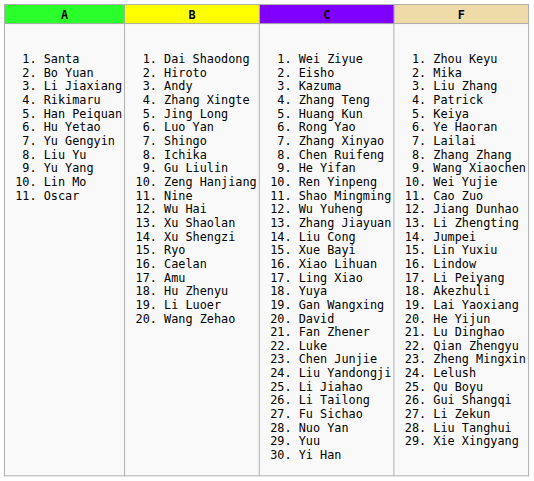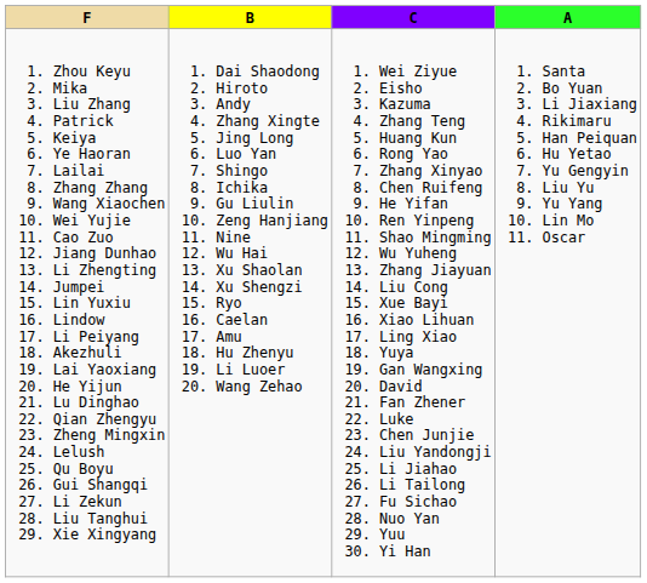 <table class="wikitable">
 <tr>
-<th style="background:#2BFF2B">A</th>
+<th style="background:#EFDBA7">F</th>
 <th style="background:#FFFF00">B</th>
 <th style="background:#7F00FF">C</th>
-<th style="background:#EFDBA7">F</th>
+<th style="background:#2BFF2B">A</th>
 </tr>
 <tr style="vertical-align: top;">
-<td><br><ol><li>Santa</li><li>Bo Yuan</li><li>Li Jiaxiang</li><li>Rikimaru</li><li>Han Peiquan</li><li>Hu Yetao</li><li>Yu Gengyin</li><li>Liu Yu</li><li>Yu Yang</li><li>Lin Mo</li><li>Oscar</li></ol></td>
+<td><br><ol><li>Zhou Keyu</li><li>Mika</li><li>Liu Zhang</li><li>Patrick</li><li>Keiya</li><li>Ye Haoran</li><li>Lailai</li><li>Zhang Zhang</li><li>Wang Xiaochen</li><li>Wei Yujie</li><li>Cao Zuo</li><li>Jiang Dunhao</li><li>Li Zhengting</li><li>Jumpei</li><li>Lin Yuxiu</li><li>Lindow</li><li>Li Peiyang</li><li>Akezhuli</li><li>Lai Yaoxiang</li><li>He Yijun</li><li>Lu Dinghao</li><li>Qian Zhengyu</li><li>Zheng Mingxin</li><li>Lelush</li><li>Qu Boyu</li><li>Gui Shangqi</li><li>Li Zekun</li><li>Liu Tanghui</li><li>Xie Xingyang</li></ol></td>
 <td><br><ol><li>Dai Shaodong</li><li>Hiroto</li><li>Andy</li><li>Zhang Xingte</li><li>Jing Long</li><li>Luo Yan</li><li>Shingo</li><li>Ichika</li><li>Gu Liulin</li><li>Zeng Hanjiang</li><li>Nine</li><li>Wu Hai</li><li>Xu Shaolan</li><li>Xu Shengzi</li><li>Ryo</li><li>Caelan</li><li>Amu</li><li>Hu Zhenyu</li><li>Li Luoer</li><li>Wang Zehao</li></ol></td>
 <td><br><ol><li>Wei Ziyue</li><li>Eisho</li><li>Kazuma</li><li>Zhang Teng</li><li>Huang Kun</li><li>Rong Yao</li><li>Zhang Xinyao</li><li>Chen Ruifeng</li><li>He Yifan</li><li>Ren Yinpeng</li><li>Shao Mingming</li><li>Wu Yuheng</li><li>Zhang Jiayuan</li><li>Liu Cong</li><li>Xue Bayi</li><li>Xiao Lihuan</li><li>Ling Xiao</li><li>Yuya</li><li>Gan Wangxing</li><li>David</li><li>Fan Zhener</li><li>Luke</li><li>Chen Junjie</li><li>Liu Yandongji</li><li>Li Jiahao</li><li>Li Tailong</li><li>Fu Sichao</li><li>Nuo Yan</li><li>Yuu</li><li>Yi Han</li></ol></td>
-<td><br><ol><li>Zhou Keyu</li><li>Mika</li><li>Liu Zhang</li><li>Patrick</li><li>Keiya</li><li>Ye Haoran</li><li>Lailai</li><li>Zhang Zhang</li><li>Wang Xiaochen</li><li>Wei Yujie</li><li>Cao Zuo</li><li>Jiang Dunhao</li><li>Li Zhengting</li><li>Jumpei</li><li>Lin Yuxiu</li><li>Lindow</li><li>Li Peiyang</li><li>Akezhuli</li><li>Lai Yaoxiang</li><li>He Yijun</li><li>Lu Dinghao</li><li>Qian Zhengyu</li><li>Zheng Mingxin</li><li>Lelush</li><li>Qu Boyu</li><li>Gui Shangqi</li><li>Li Zekun</li><li>Liu Tanghui</li><li>Xie Xingyang</li></ol></td>
+<td><br><ol><li>Santa</li><li>Bo Yuan</li><li>Li Jiaxiang</li><li>Rikimaru</li><li>Han Peiquan</li><li>Hu Yetao</li><li>Yu Gengyin</li><li>Liu Yu</li><li>Yu Yang</li><li>Lin Mo</li><li>Oscar</li></ol></td>
 </tr>
 </table>
